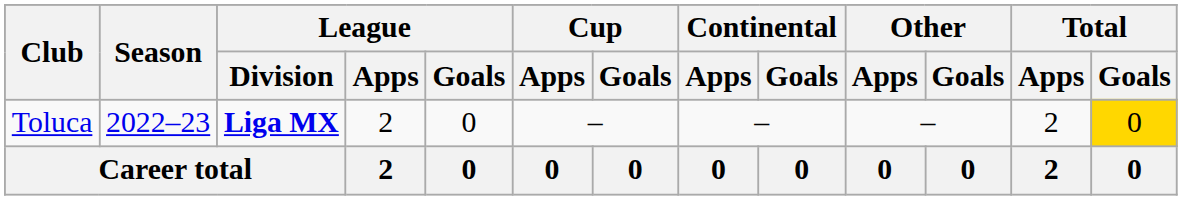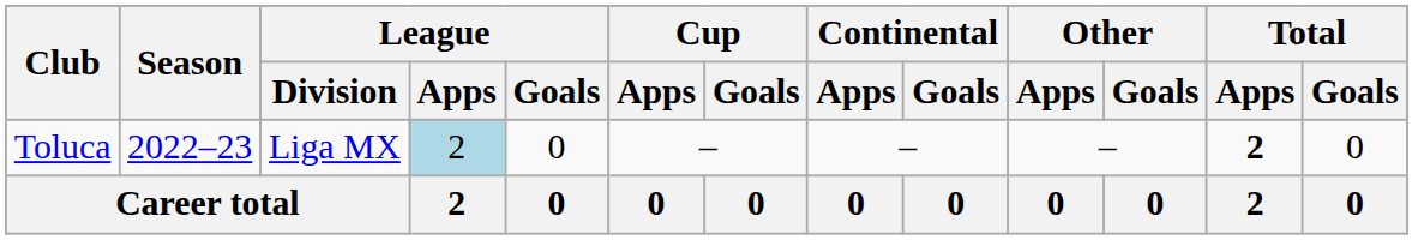 <table class="wikitable" style="text-align: center">
 <tr>
 <th rowspan="2">Club</th>
 <th rowspan="2">Season</th>
 <th colspan="3">League</th>
 <th colspan="2">Cup</th>
 <th colspan="2">Continental</th>
 <th colspan="2">Other</th>
 <th colspan="2">Total</th>
 </tr>
 <tr>
 <th>Division</th>
 <th>Apps</th>
 <th>Goals</th>
 <th>Apps</th>
 <th>Goals</th>
 <th>Apps</th>
 <th>Goals</th>
 <th>Apps</th>
 <th>Goals</th>
 <th>Apps</th>
 <th>Goals</th>
 </tr>
 <tr>
 <td><a href='#'>Toluca</a></td>
 <td><a href='#'>2022–23</a></td>
-<td><strong><a href='#'>Liga MX</a></strong></td>
-<td>2</td>
+<td><a href='#'>Liga MX</a></td>
+<td style="background: lightblue;">2</td>
 <td>0</td>
 <td colspan="2">–</td>
 <td colspan="2">–</td>
 <td colspan="2">–</td>
-<td>2</td>
-<td style="background: gold;">0</td>
+<td><strong>2</strong></td>
+<td>0</td>
 </tr>
 <tr>
 <th colspan=3>Career total</th>
 <th>2</th>
 <th>0</th>
 <th>0</th>
 <th>0</th>
 <th>0</th>
 <th>0</th>
 <th>0</th>
 <th>0</th>
 <th>2</th>
 <th>0</th>
 </tr>
 </table>
